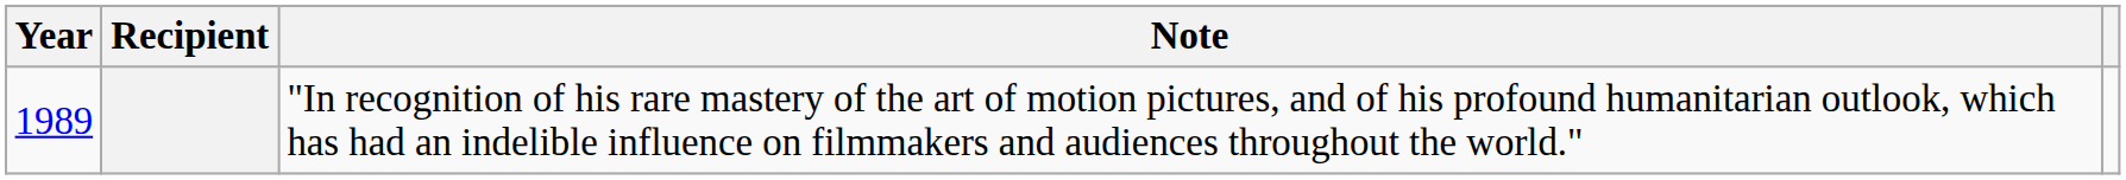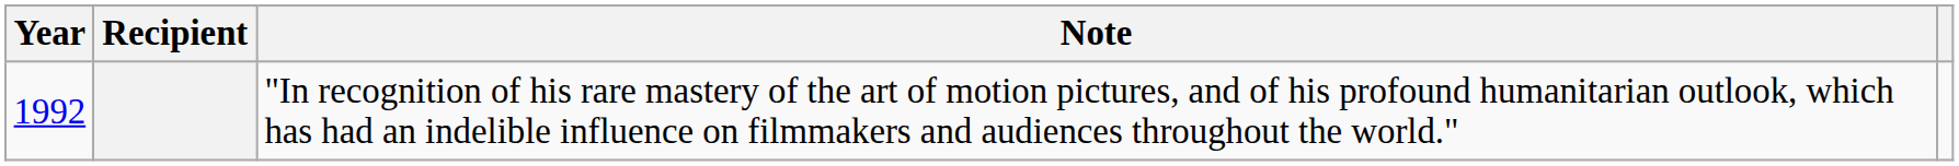 <table class="wikitable plainrowheaders sortable">
 <tr>
 <th scope="col">Year </th>
 <th scope="col">Recipient</th>
 <th scope="col">Note</th>
 <th scope="col" class="unsortable"></th>
 </tr>
 <tr>
-<td style="text-align:center;"><a href='#'>1989<br></a></td>
+<td style="text-align:center;"><a href='#'>1992<br></a></td>
 <th scope="row"></th>
 <td>"In recognition of his rare mastery of the art of motion pictures, and of his profound humanitarian outlook, which has had an indelible influence on filmmakers and audiences throughout the world."</td>
 <td style="text-align:center;"><br></td>
 </tr>
 </table>
